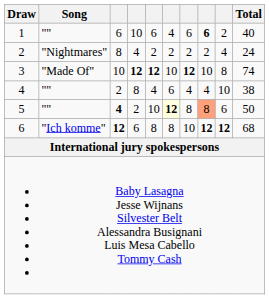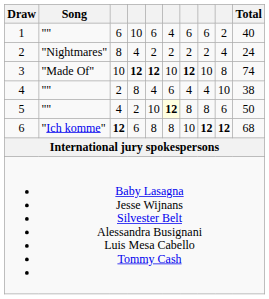 <table class="wikitable collapsible" style="margin: 1em auto 1em auto; text-align:center;">
 <tr>
 <th>Draw</th>
 <th>Song</th>
 <th><br></th>
 <th><br></th>
 <th><br></th>
 <th><br></th>
 <th><br></th>
 <th><br></th>
 <th><br></th>
 <th>Total</th>
 </tr>
 <tr>
 <td>1</td>
 <td align="left">""</td>
 <td>6</td>
 <td>10</td>
 <td>6</td>
 <td>4</td>
 <td>6</td>
-<td><strong>6</strong></td>
+<td>6</td>
 <td>2</td>
 <td>40</td>
 </tr>
 <tr>
 <td>2</td>
 <td align="left">"Nightmares"</td>
 <td>8</td>
 <td>4</td>
 <td>2</td>
 <td>2</td>
 <td>2</td>
 <td>2</td>
 <td>4</td>
 <td>24</td>
 </tr>
 <tr>
 <td>3</td>
 <td align="left">"Made Of"</td>
 <td>10</td>
 <td><strong>12</strong></td>
 <td><strong>12</strong></td>
 <td>10</td>
 <td><strong>12</strong></td>
 <td>10</td>
 <td>8</td>
 <td>74</td>
 </tr>
 <tr>
 <td>4</td>
 <td align="left">""</td>
 <td>2</td>
 <td>8</td>
 <td>4</td>
 <td>6</td>
 <td>4</td>
 <td>4</td>
 <td>10</td>
 <td>38</td>
 </tr>
 <tr>
 <td>5</td>
 <td align="left">""</td>
-<td><strong>4</strong></td>
+<td>4</td>
 <td>2</td>
 <td>10</td>
 <td style="background: lightyellow;"><strong>12</strong></td>
 <td>8</td>
-<td style="background: lightsalmon;">8</td>
+<td>8</td>
 <td>6</td>
 <td>50</td>
 </tr>
 <tr>
 <td>6</td>
 <td align="left">"<a href='#'>Ich komme</a>"</td>
 <td><strong>12</strong></td>
 <td>6</td>
 <td>8</td>
 <td>8</td>
 <td>10</td>
 <td><strong>12</strong></td>
 <td><strong>12</strong></td>
 <td>68</td>
 </tr>
 <tr>
 <th colspan="10">International jury spokespersons</th>
 </tr>
 <tr>
 <td colspan="10"><br><ul><li> <a href='#'>Baby Lasagna</a></li><li> Jesse Wijnans</li><li> <a href='#'>Silvester Belt</a></li><li> Alessandra Busignani</li><li> Luis Mesa Cabello</li><li> <a href='#'>Tommy Cash</a></li><li> </li></ul></td>
 </tr>
 </table>
